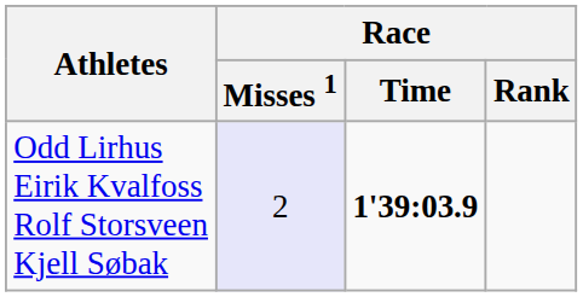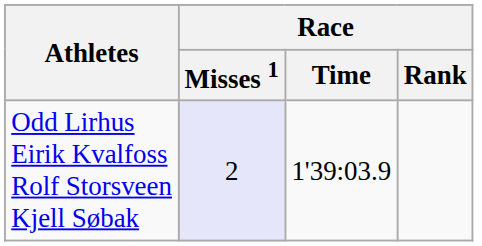 <table class="wikitable" border="1" style="font-size:90%">
 <tr>
 <th rowspan=2>Athletes</th>
 <th colspan=3>Race</th>
 </tr>
 <tr>
 <th>Misses <sup>1</sup></th>
 <th>Time</th>
 <th>Rank</th>
 </tr>
 <tr>
 <td><a href='#'>Odd Lirhus</a><br><a href='#'>Eirik Kvalfoss</a><br><a href='#'>Rolf Storsveen</a><br><a href='#'>Kjell Søbak</a></td>
 <td align=center style="background: lavender;">2</td>
-<td align=center><strong>1'39:03.9</strong></td>
+<td align=center>1'39:03.9</td>
 <td align=center></td>
 </tr>
 </table>
